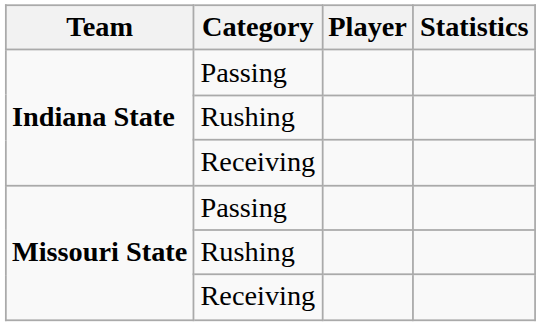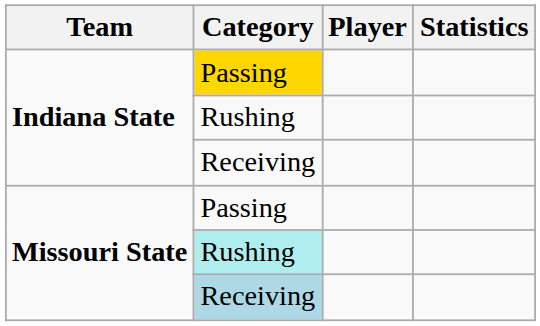 <table class="wikitable" style="float: right;">
 <tr>
 <th>Team</th>
 <th>Category</th>
 <th>Player</th>
 <th>Statistics</th>
 </tr>
 <tr>
 <td rowspan=3><strong>Indiana State</strong></td>
-<td>Passing</td>
+<td style="background: gold;">Passing</td>
 <td></td>
 <td></td>
 </tr>
 <tr>
 <td>Rushing</td>
 <td></td>
 <td></td>
 </tr>
 <tr>
 <td>Receiving</td>
 <td></td>
 <td></td>
 </tr>
 <tr>
 <td rowspan=3><strong>Missouri State</strong></td>
 <td>Passing</td>
 <td></td>
 <td></td>
 </tr>
 <tr>
-<td>Rushing</td>
+<td style="background: paleturquoise;">Rushing</td>
 <td></td>
 <td></td>
 </tr>
 <tr>
-<td>Receiving</td>
+<td style="background: lightblue;">Receiving</td>
 <td></td>
 <td></td>
 </tr>
 </table>
